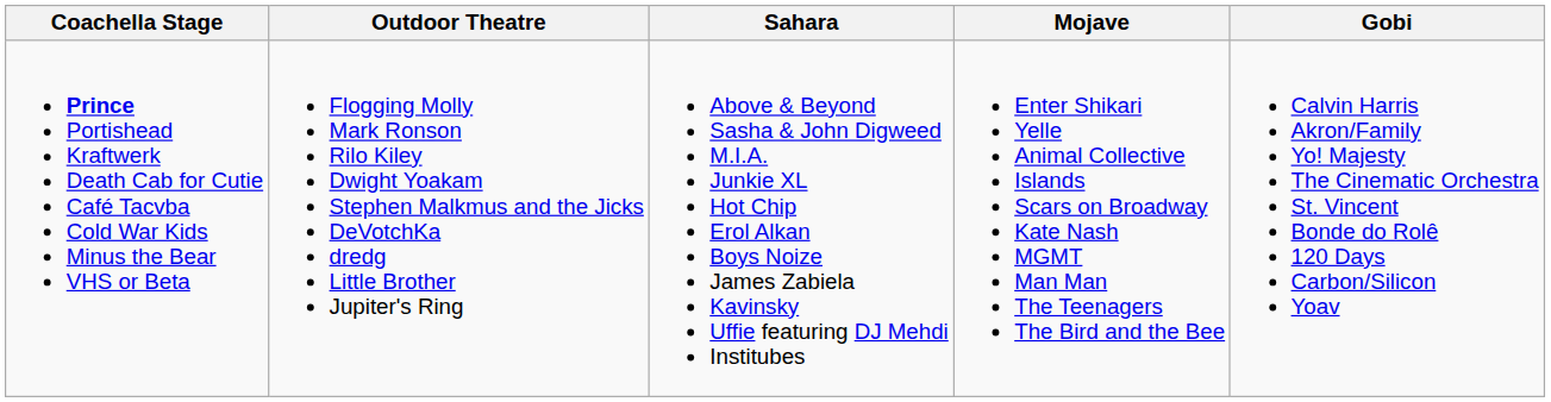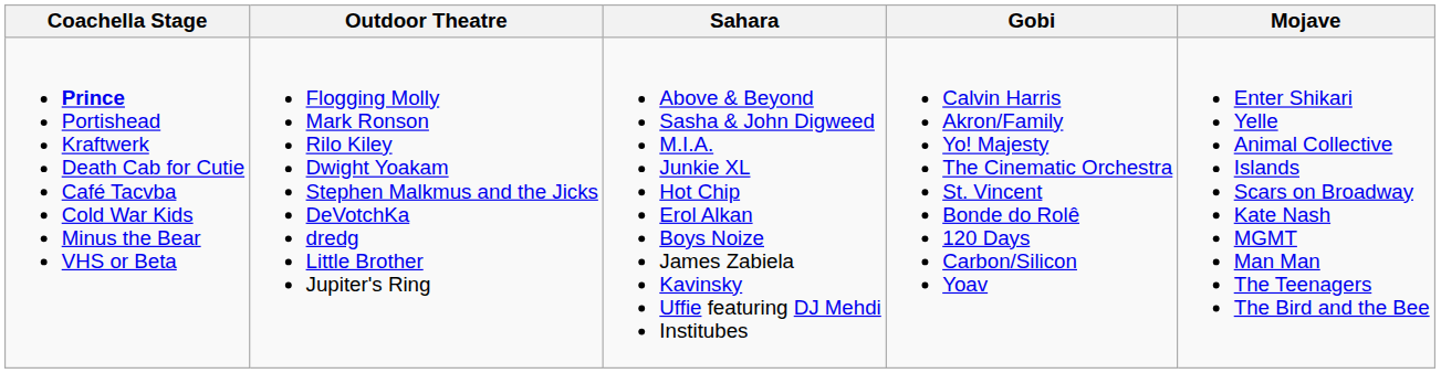 <table class="wikitable">
 <tr>
 <th>Coachella Stage</th>
 <th>Outdoor Theatre</th>
 <th>Sahara</th>
+<th>Gobi</th>
 <th>Mojave</th>
-<th>Gobi</th>
 </tr>
 <tr valign="top">
 <td><br><ul><li><strong><a href='#'>Prince</a></strong></li><li><a href='#'>Portishead</a></li><li><a href='#'>Kraftwerk</a></li><li><a href='#'>Death Cab for Cutie</a></li><li><a href='#'>Café Tacvba</a></li><li><a href='#'>Cold War Kids</a></li><li><a href='#'>Minus the Bear</a></li><li><a href='#'>VHS or Beta</a></li></ul></td>
 <td><br><ul><li><a href='#'>Flogging Molly</a></li><li><a href='#'>Mark Ronson</a></li><li><a href='#'>Rilo Kiley</a></li><li><a href='#'>Dwight Yoakam</a></li><li><a href='#'>Stephen Malkmus and the Jicks</a></li><li><a href='#'>DeVotchKa</a></li><li><a href='#'>dredg</a></li><li><a href='#'>Little Brother</a></li><li>Jupiter's Ring</li></ul></td>
 <td><br><ul><li><a href='#'>Above & Beyond</a></li><li><a href='#'>Sasha & John Digweed</a></li><li><a href='#'>M.I.A.</a></li><li><a href='#'>Junkie XL</a></li><li><a href='#'>Hot Chip</a></li><li><a href='#'>Erol Alkan</a></li><li><a href='#'>Boys Noize</a></li><li>James Zabiela</li><li><a href='#'>Kavinsky</a></li><li><a href='#'>Uffie</a> featuring <a href='#'>DJ Mehdi</a></li><li>Institubes</li></ul></td>
+<td><br><ul><li><a href='#'>Calvin Harris</a></li><li><a href='#'>Akron/Family</a></li><li><a href='#'>Yo! Majesty</a></li><li><a href='#'>The Cinematic Orchestra</a></li><li><a href='#'>St. Vincent</a></li><li><a href='#'>Bonde do Rolê</a></li><li><a href='#'>120 Days</a></li><li><a href='#'>Carbon/Silicon</a></li><li><a href='#'>Yoav</a></li></ul></td>
 <td><br><ul><li><a href='#'>Enter Shikari</a></li><li><a href='#'>Yelle</a></li><li><a href='#'>Animal Collective</a></li><li><a href='#'>Islands</a></li><li><a href='#'>Scars on Broadway</a></li><li><a href='#'>Kate Nash</a></li><li><a href='#'>MGMT</a></li><li><a href='#'>Man Man</a></li><li><a href='#'>The Teenagers</a></li><li><a href='#'>The Bird and the Bee</a></li></ul></td>
-<td><br><ul><li><a href='#'>Calvin Harris</a></li><li><a href='#'>Akron/Family</a></li><li><a href='#'>Yo! Majesty</a></li><li><a href='#'>The Cinematic Orchestra</a></li><li><a href='#'>St. Vincent</a></li><li><a href='#'>Bonde do Rolê</a></li><li><a href='#'>120 Days</a></li><li><a href='#'>Carbon/Silicon</a></li><li><a href='#'>Yoav</a></li></ul></td>
 </tr>
 </table>
